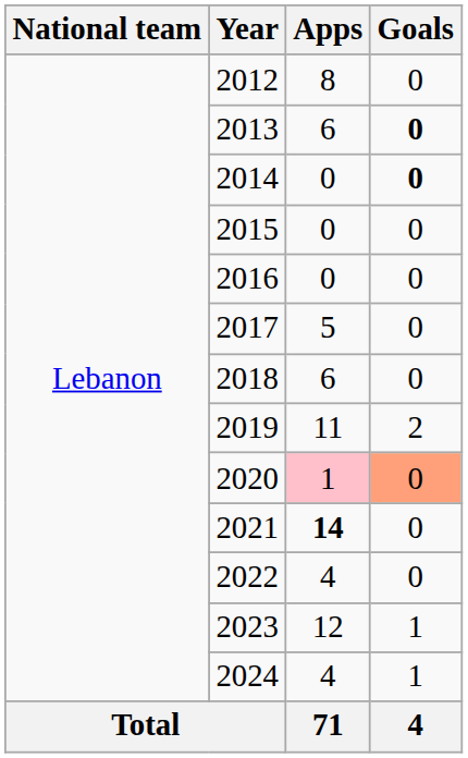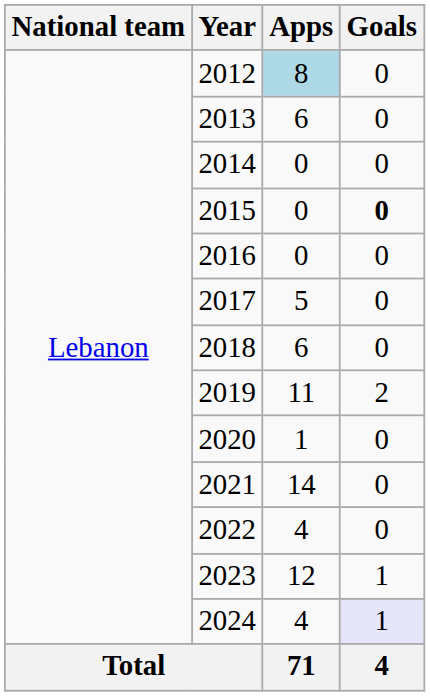 <table class="wikitable" style="text-align:center">
 <tr>
 <th>National team</th>
 <th>Year</th>
 <th>Apps</th>
 <th>Goals</th>
 </tr>
 <tr>
 <td rowspan="13"><a href='#'>Lebanon</a></td>
 <td>2012</td>
-<td>8</td>
+<td style="background: lightblue;">8</td>
 <td>0</td>
 </tr>
 <tr>
 <td>2013</td>
 <td>6</td>
-<td><strong>0</strong></td>
+<td>0</td>
 </tr>
 <tr>
 <td>2014</td>
 <td>0</td>
-<td><strong>0</strong></td>
+<td>0</td>
 </tr>
 <tr>
 <td>2015</td>
 <td>0</td>
-<td>0</td>
+<td><strong>0</strong></td>
 </tr>
 <tr>
 <td>2016</td>
 <td>0</td>
 <td>0</td>
 </tr>
 <tr>
 <td>2017</td>
 <td>5</td>
 <td>0</td>
 </tr>
 <tr>
 <td>2018</td>
 <td>6</td>
 <td>0</td>
 </tr>
 <tr>
 <td>2019</td>
 <td>11</td>
 <td>2</td>
 </tr>
 <tr>
 <td>2020</td>
-<td style="background: pink;">1</td>
-<td style="background: lightsalmon;">0</td>
+<td>1</td>
+<td>0</td>
 </tr>
 <tr>
 <td>2021</td>
-<td><strong>14</strong></td>
+<td>14</td>
 <td>0</td>
 </tr>
 <tr>
 <td>2022</td>
 <td>4</td>
 <td>0</td>
 </tr>
 <tr>
 <td>2023</td>
 <td>12</td>
 <td>1</td>
 </tr>
 <tr>
 <td>2024</td>
 <td>4</td>
-<td>1</td>
+<td style="background: lavender;">1</td>
 </tr>
 <tr>
 <th colspan="2">Total</th>
 <th>71</th>
 <th>4</th>
 </tr>
 </table>
